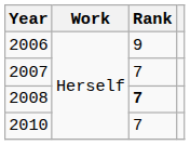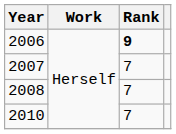 <table class="wikitable plainrowheaders sortable" style="margin-right: 0;">
 <tr>
 <th scope="col">Year</th>
 <th scope="col">Work</th>
 <th scope="col">Rank</th>
 <th scope="col" class="unsortable"></th>
 </tr>
 <tr>
 <td rowspan=1>2006</td>
 <td rowspan=4>Herself</td>
-<td>9</td>
+<td><strong>9</strong></td>
 <td style="text-align:center;"></td>
 </tr>
 <tr>
 <td rowspan=1>2007</td>
 <td>7</td>
 <td style="text-align:center;"></td>
 </tr>
 <tr>
 <td rowspan=1>2008</td>
-<td><strong>7</strong></td>
+<td>7</td>
 <td style="text-align:center;"></td>
 </tr>
 <tr>
 <td rowspan=1>2010</td>
 <td>7</td>
 <td style="text-align:center;"></td>
 </tr>
 <tr>
 </tr>
 </table>
